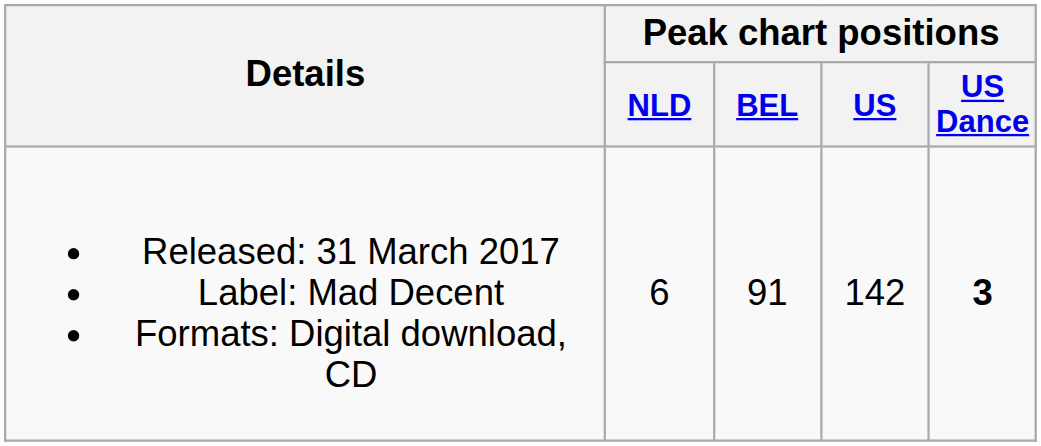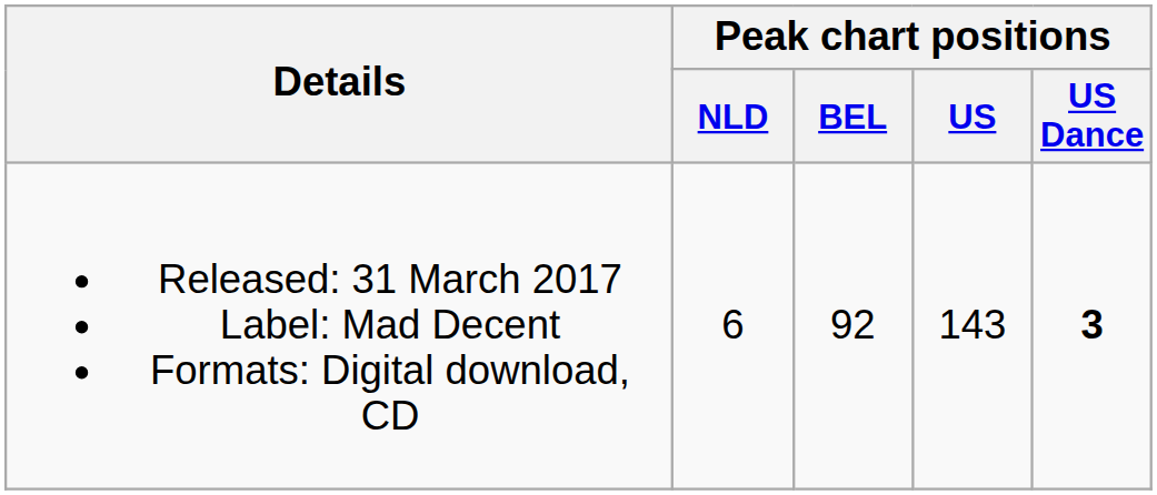 <table class="wikitable plainrowheaders" style="text-align:center;">
 <tr>
 <th scope="col" style="width:16em;" rowspan="2">Details</th>
 <th scope="col" colspan="4">Peak chart positions</th>
 </tr>
 <tr>
 <th scope="col" style="width:3em;font-size:85%;"><a href='#'>NLD</a><br></th>
 <th scope="col" style="width:3em;font-size:85%;"><a href='#'>BEL</a><br></th>
 <th scope="col" style="width:3em;font-size:85%;"><a href='#'>US</a><br></th>
 <th scope="col" style="width:3em;font-size:85%;"><a href='#'>US<br>Dance</a><br></th>
 </tr>
 <tr>
 <td><br><ul><li>Released: 31 March 2017</li><li>Label: Mad Decent</li><li>Formats: Digital download, CD</li></ul></td>
 <td>6</td>
-<td>91</td>
-<td>142</td>
+<td>92</td>
+<td>143</td>
 <td><strong>3</strong></td>
 </tr>
 </table>
